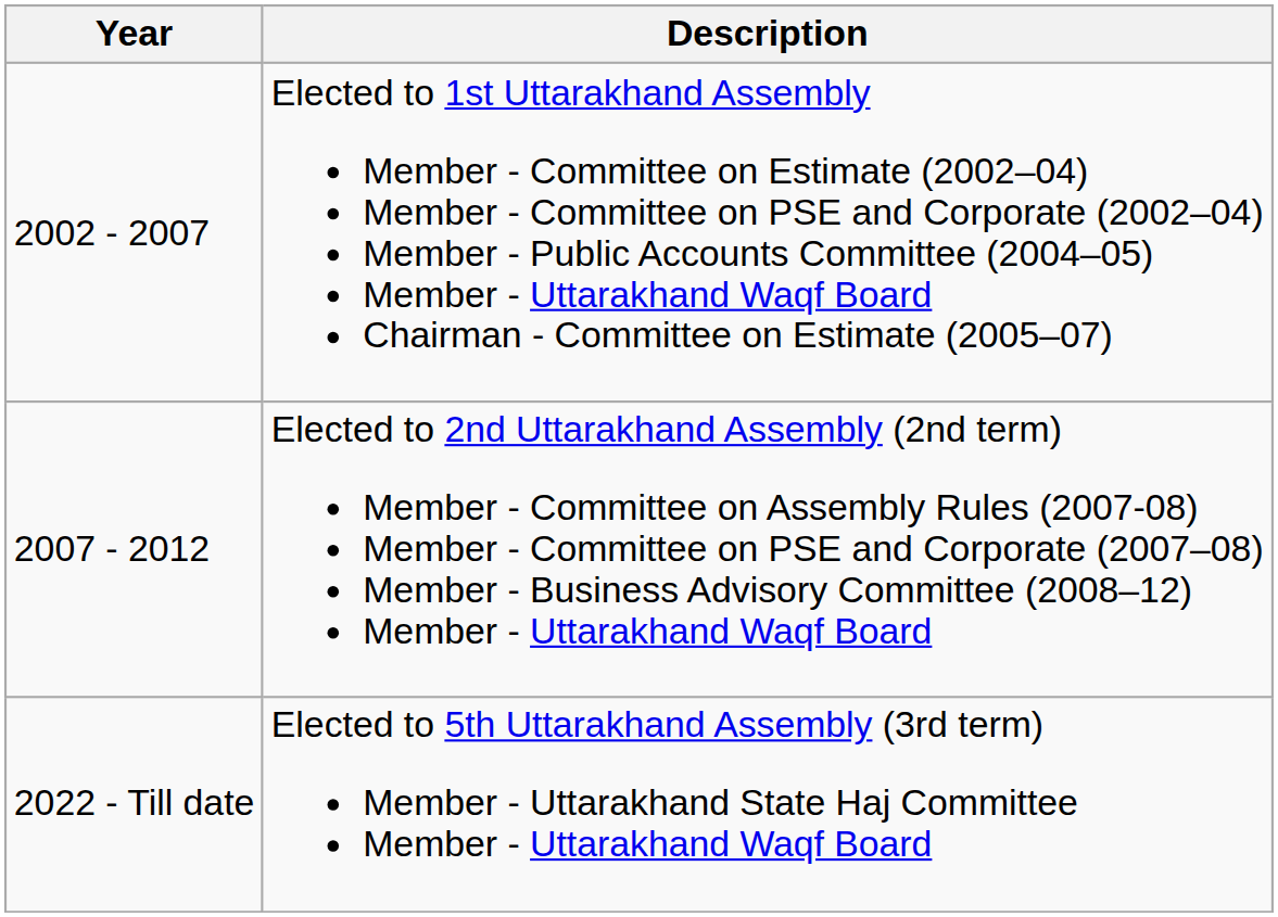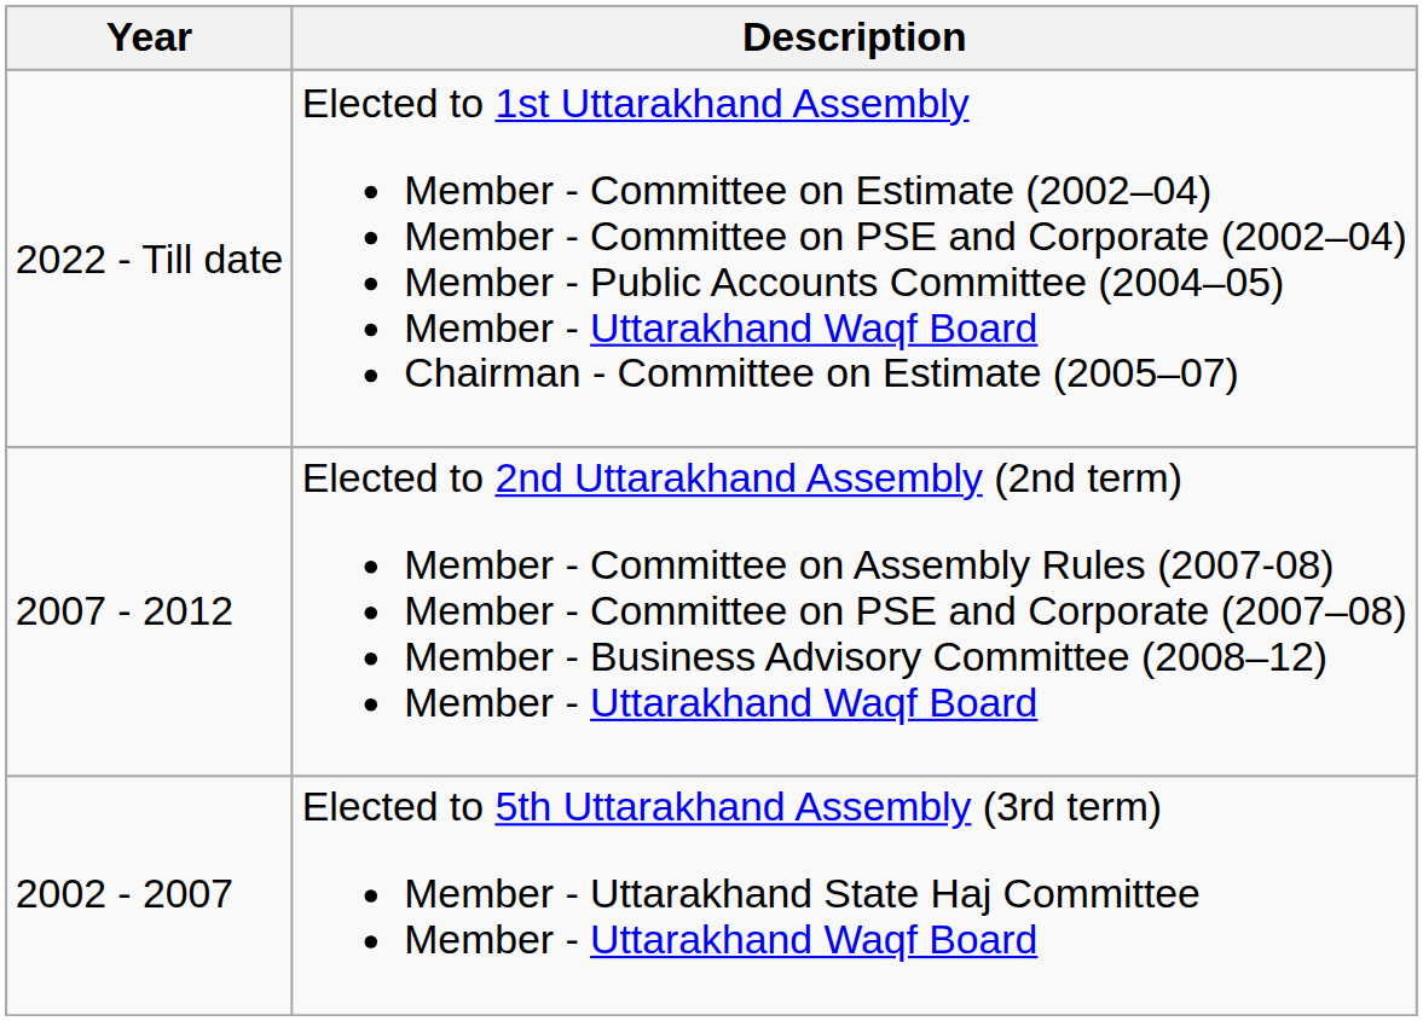 <table class="wikitable">
 <tr>
 <th>Year</th>
 <th>Description</th>
 </tr>
 <tr>
-<td>2002 - 2007</td>
+<td>2022 - Till date</td>
 <td>Elected to <a href='#'>1st Uttarakhand Assembly</a><br><ul><li>Member - Committee on Estimate (2002–04)</li><li>Member - Committee on PSE and Corporate (2002–04)</li><li>Member - Public Accounts Committee (2004–05)</li><li>Member - <a href='#'>Uttarakhand Waqf Board</a></li><li>Chairman - Committee on Estimate (2005–07)</li></ul></td>
 </tr>
 <tr>
 <td>2007 - 2012</td>
 <td>Elected to <a href='#'>2nd Uttarakhand Assembly</a> (2nd term)<br><ul><li>Member - Committee on Assembly Rules (2007-08)</li><li>Member - Committee on PSE and Corporate (2007–08)</li><li>Member - Business Advisory Committee (2008–12)</li><li>Member - <a href='#'>Uttarakhand Waqf Board</a></li></ul></td>
 </tr>
 <tr>
-<td>2022 - Till date</td>
+<td>2002 - 2007</td>
 <td>Elected to <a href='#'>5th Uttarakhand Assembly</a> (3rd term)<br><ul><li>Member - Uttarakhand State Haj Committee</li><li>Member - <a href='#'>Uttarakhand Waqf Board</a></li></ul></td>
 </tr>
 <tr>
 </tr>
 </table>
